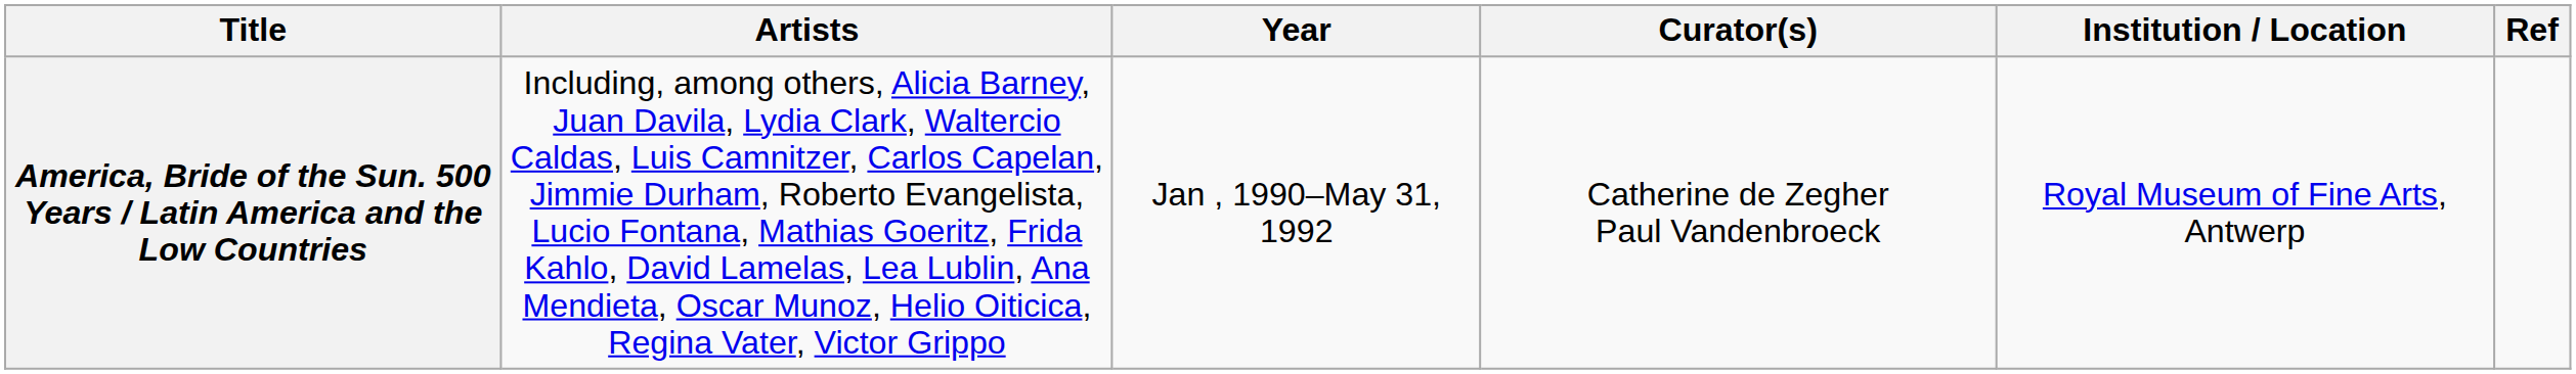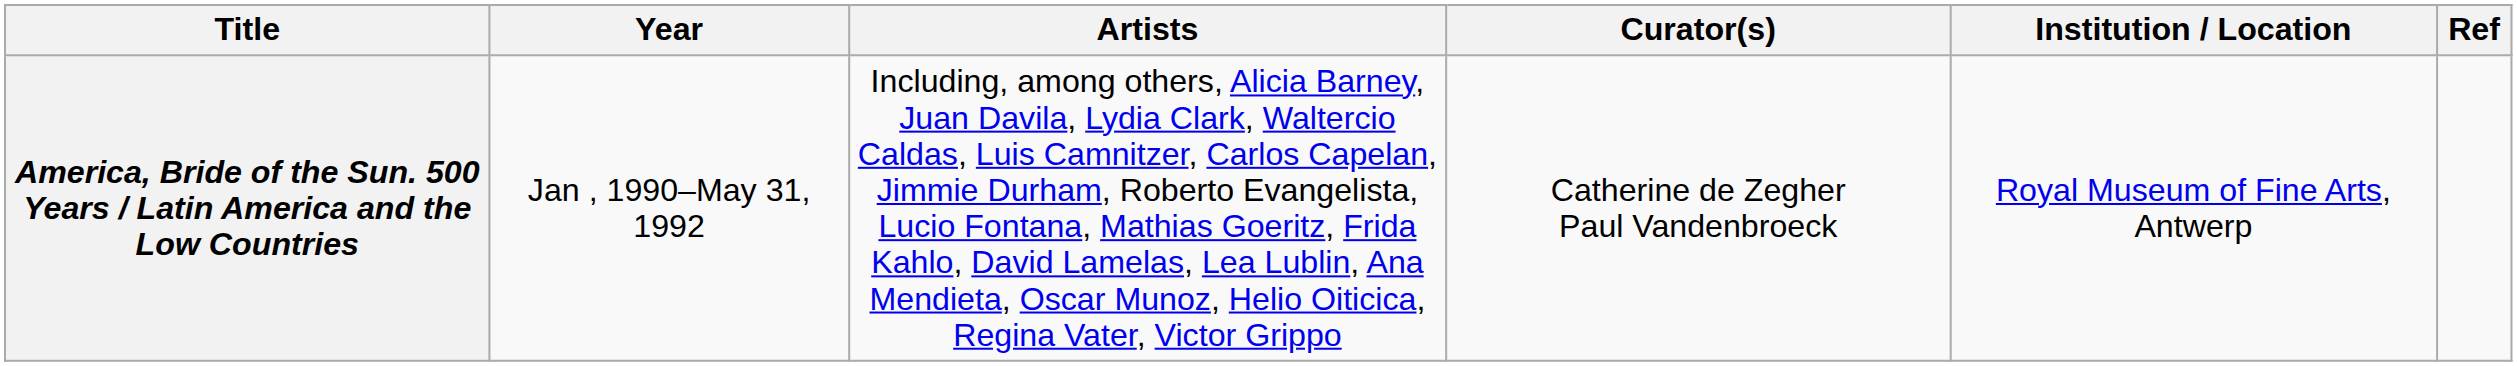 <table class="wikitable mw-collapsible plainrowheaders" style="text-align:center;">
 <tr>
 <th scope="col" style="width:20em;">Title</th>
+<th scope="col" style="width:15em;">Year</th>
 <th scope="col" style="width:25em;">Artists</th>
-<th scope="col" style="width:15em;">Year</th>
 <th scope="col" style="width:20em;">Curator(s)</th>
 <th scope="col" style="width:20em;">Institution / Location</th>
 <th scope="col" style="width:2em;">Ref</th>
 </tr>
 <tr>
 <th scope="row"><em>America, Bride of the Sun.</em> <em>500 Years / Latin America and the Low Countries</em></th>
+<td>Jan , 1990–May 31, 1992</td>
 <td>Including, among others, <a href='#'>Alicia Barney</a>, <a href='#'>Juan Davila</a>, <a href='#'>Lydia Clark</a>, <a href='#'>Waltercio Caldas</a>, <a href='#'>Luis Camnitzer</a>, <a href='#'>Carlos Capelan</a>, <a href='#'>Jimmie Durham</a>, Roberto Evangelista, <a href='#'>Lucio Fontana</a>, <a href='#'>Mathias Goeritz</a>, <a href='#'>Frida Kahlo</a>, <a href='#'>David Lamelas</a>, <a href='#'>Lea Lublin</a>, <a href='#'>Ana Mendieta</a>, <a href='#'>Oscar Munoz</a>, <a href='#'>Helio Oiticica</a>, <a href='#'>Regina Vater</a>, <a href='#'>Victor Grippo</a><br></td>
-<td>Jan , 1990–May 31, 1992</td>
 <td>Catherine de Zegher<br>Paul Vandenbroeck</td>
 <td><a href='#'>Royal Museum of Fine Arts</a>, Antwerp</td>
 <td></td>
 </tr>
 </table>
